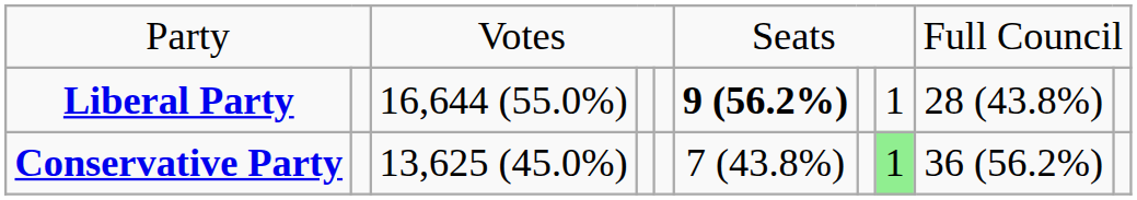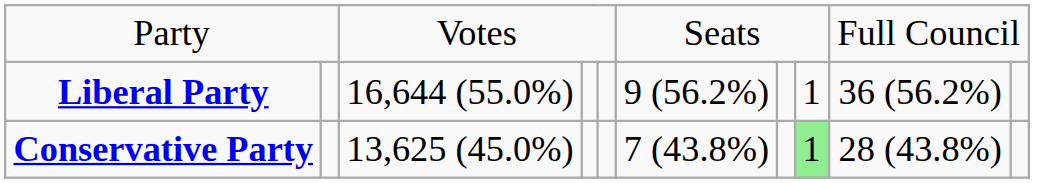 <table class=wikitable style="text-align:center;">
 <tr>
 <td colspan=2>Party</td>
 <td colspan=3>Votes</td>
 <td colspan=3>Seats</td>
 <td colspan=3>Full Council</td>
 </tr>
 <tr>
 <td><strong><a href='#'>Liberal Party</a></strong></td>
 <td style="background:"></td>
 <td>16,644 (55.0%)</td>
 <td></td>
 <td></td>
-<td><strong>9 (56.2%)</strong></td>
+<td>9 (56.2%)</td>
 <td></td>
 <td> 1</td>
-<td>28 (43.8%)</td>
+<td>36 (56.2%)</td>
 <td></td>
 </tr>
 <tr>
 <td><strong><a href='#'>Conservative Party</a></strong></td>
 <td style="background:"></td>
 <td>13,625 (45.0%)</td>
 <td></td>
 <td></td>
 <td>7 (43.8%)</td>
 <td></td>
 <td style="background: lightgreen;"> 1</td>
-<td>36 (56.2%)</td>
+<td>28 (43.8%)</td>
 <td></td>
 </tr>
 </table>
